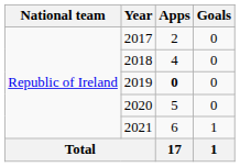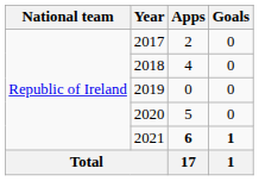 <table class=wikitable style=text-align:center>
 <tr>
 <th>National team</th>
 <th>Year</th>
 <th>Apps</th>
 <th>Goals</th>
 </tr>
 <tr>
 <td rowspan="5"><a href='#'>Republic of Ireland</a></td>
 <td>2017</td>
 <td>2</td>
 <td>0</td>
 </tr>
 <tr>
 <td>2018</td>
 <td>4</td>
 <td>0</td>
 </tr>
 <tr>
 <td>2019</td>
-<td><strong>0</strong></td>
+<td>0</td>
 <td>0</td>
 </tr>
 <tr>
 <td>2020</td>
 <td>5</td>
 <td>0</td>
 </tr>
 <tr>
 <td>2021</td>
-<td>6</td>
-<td>1</td>
+<td><strong>6</strong></td>
+<td><strong>1</strong></td>
 </tr>
 <tr>
 <th colspan="2">Total</th>
 <th>17</th>
 <th>1</th>
 </tr>
 </table>
